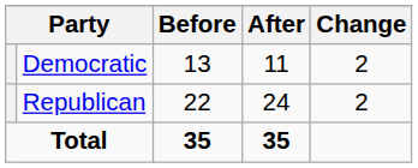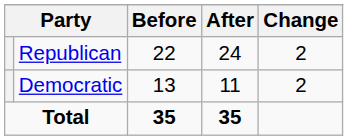 <table class="wikitable" style="text-align:center;">
 <tr>
 </tr>
 <tr>
 <th colspan=2>Party</th>
 <th>Before</th>
 <th>After</th>
 <th>Change</th>
 </tr>
 <tr>
 <th style="background-color:"></th>
-<td style="text-align:left;"><a href='#'>Democratic</a></td>
-<td>13</td>
-<td>11</td>
+<td style="text-align:left;"><a href='#'>Republican</a></td>
+<td>22</td>
+<td>24</td>
 <td> 2</td>
 </tr>
 <tr>
 <th style="background-color:"></th>
-<td style="text-align:left;"><a href='#'>Republican</a></td>
-<td>22</td>
-<td>24</td>
+<td style="text-align:left;"><a href='#'>Democratic</a></td>
+<td>13</td>
+<td>11</td>
 <td> 2</td>
 </tr>
 <tr>
 <td colspan=2><strong>Total</strong></td>
 <td><strong>35</strong></td>
 <td><strong>35</strong></td>
 <td></td>
 </tr>
 </table>
